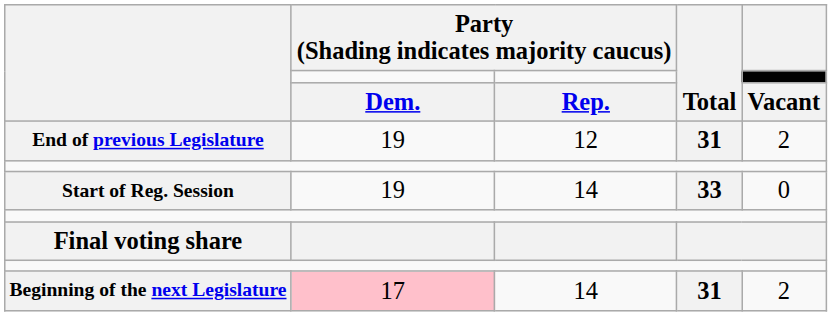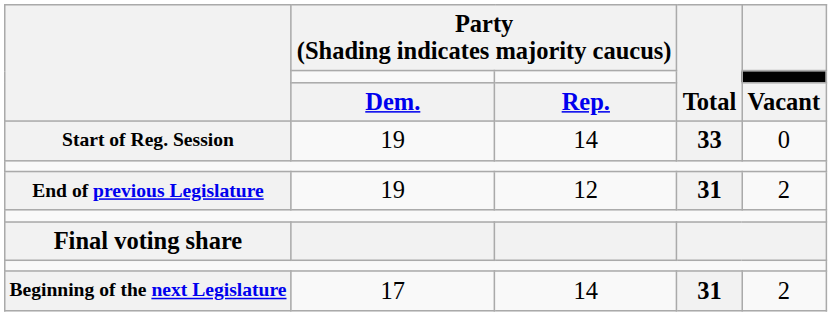 <table class=wikitable style="text-align:center">
 <tr style="vertical-align:bottom;">
 <th rowspan=3></th>
 <th colspan=2>Party <div>(Shading indicates majority caucus)</div></th>
 <th rowspan=3>Total</th>
 <th></th>
 </tr>
 <tr style="height:5px">
 <td style="background-color:"></td>
 <td style="background-color:"></td>
 <td style="background:black;"></td>
 </tr>
 <tr>
 <th><a href='#'>Dem.</a></th>
 <th><a href='#'>Rep.</a></th>
 <th>Vacant</th>
 </tr>
 <tr>
+<th style="font-size:80%;">Start of Reg. Session</th>
+<td>19</td>
+<td>14</td>
+<th>33</th>
+<td>0</td>
+</tr>
+<tr>
+<td colspan=5></td>
+</tr>
+<tr>
 <th style="font-size:80%;">End of <a href='#'>previous Legislature</a></th>
 <td>19</td>
 <td>12</td>
 <th>31</th>
 <td>2</td>
-</tr>
-<tr>
-<td colspan=5></td>
-</tr>
-<tr>
-<th style="font-size:80%;">Start of Reg. Session</th>
-<td>19</td>
-<td>14</td>
-<th>33</th>
-<td>0</td>
 </tr>
 <tr>
 <td colspan=5></td>
 </tr>
 <tr>
 <th>Final voting share</th>
 <th></th>
 <th></th>
 <th colspan=2></th>
 </tr>
 <tr>
 <td colspan=5></td>
 </tr>
 <tr>
 <th style="font-size:80%;">Beginning of the <a href='#'>next Legislature</a></th>
-<td style="background: pink;">17</td>
+<td>17</td>
 <td>14</td>
 <th>31</th>
 <td>2</td>
 </tr>
 </table>
